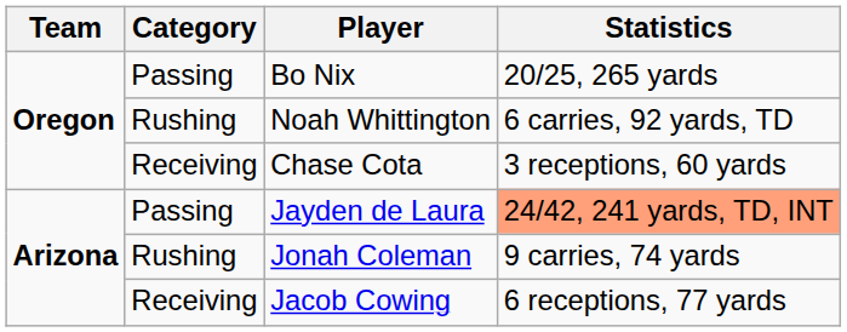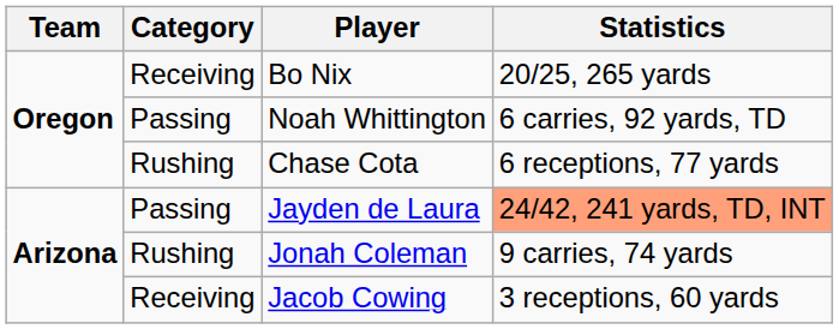 <table class="wikitable" style="float: right;">
 <tr>
 <th>Team</th>
 <th>Category</th>
 <th>Player</th>
 <th>Statistics</th>
 </tr>
 <tr>
 <td rowspan=3><strong>Oregon</strong></td>
-<td>Passing</td>
+<td>Receiving</td>
 <td>Bo Nix</td>
 <td>20/25, 265 yards</td>
 </tr>
 <tr>
-<td>Rushing</td>
+<td>Passing</td>
 <td>Noah Whittington</td>
 <td>6 carries, 92 yards, TD</td>
 </tr>
 <tr>
-<td>Receiving</td>
+<td>Rushing</td>
 <td>Chase Cota</td>
-<td>3 receptions, 60 yards</td>
+<td>6 receptions, 77 yards</td>
 </tr>
 <tr>
 <td rowspan=3><strong>Arizona</strong></td>
 <td>Passing</td>
 <td><a href='#'>Jayden de Laura</a></td>
 <td style="background: lightsalmon;">24/42, 241 yards, TD, INT</td>
 </tr>
 <tr>
 <td>Rushing</td>
 <td><a href='#'>Jonah Coleman</a></td>
 <td>9 carries, 74 yards</td>
 </tr>
 <tr>
 <td>Receiving</td>
 <td><a href='#'>Jacob Cowing</a></td>
-<td>6 receptions, 77 yards</td>
+<td>3 receptions, 60 yards</td>
 </tr>
 </table>
